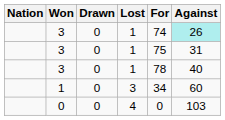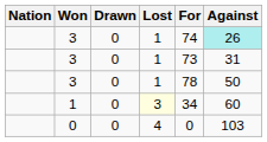 <table class="wikitable" style="text-align: center;">
 <tr>
 <th>Nation</th>
 <th>Won</th>
 <th>Drawn</th>
 <th>Lost</th>
 <th>For</th>
 <th>Against</th>
 </tr>
 <tr>
 <td align="left"></td>
 <td>3</td>
 <td>0</td>
 <td>1</td>
 <td>74</td>
 <td style="background: paleturquoise;">26</td>
 </tr>
 <tr>
 <td align="left"></td>
 <td>3</td>
 <td>0</td>
 <td>1</td>
-<td>75</td>
+<td>73</td>
 <td>31</td>
 </tr>
 <tr>
 <td align="left"></td>
 <td>3</td>
 <td>0</td>
 <td>1</td>
 <td>78</td>
-<td>40</td>
+<td>50</td>
 </tr>
 <tr>
 <td align="left"></td>
 <td>1</td>
 <td>0</td>
-<td>3</td>
+<td style="background: lightyellow;">3</td>
 <td>34</td>
 <td>60</td>
 </tr>
 <tr>
 <td align="left"></td>
 <td>0</td>
 <td>0</td>
 <td>4</td>
 <td>0</td>
 <td>103</td>
 </tr>
 </table>
